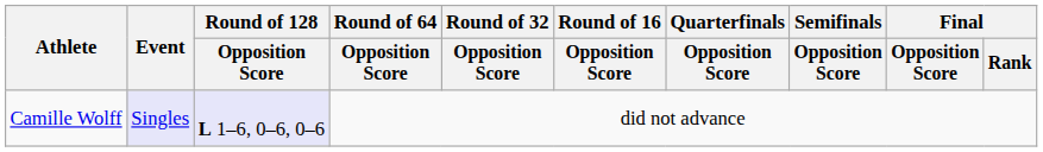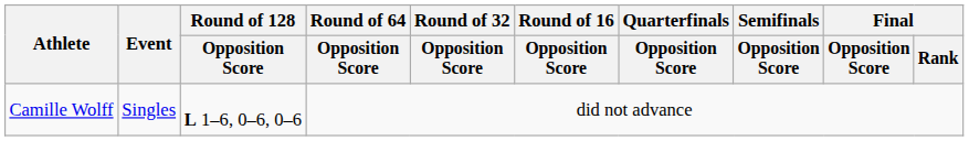 <table class=wikitable style="font-size:90%">
 <tr>
 <th rowspan=2>Athlete</th>
 <th rowspan=2>Event</th>
 <th>Round of 128</th>
 <th>Round of 64</th>
 <th>Round of 32</th>
 <th>Round of 16</th>
 <th>Quarterfinals</th>
 <th>Semifinals</th>
 <th colspan=2>Final</th>
 </tr>
 <tr style="font-size:95%">
 <th>Opposition<br>Score</th>
 <th>Opposition<br>Score</th>
 <th>Opposition<br>Score</th>
 <th>Opposition<br>Score</th>
 <th>Opposition<br>Score</th>
 <th>Opposition<br>Score</th>
 <th>Opposition<br>Score</th>
 <th>Rank</th>
 </tr>
 <tr align=center>
 <td align=left><a href='#'>Camille Wolff</a></td>
-<td align=left style="background: lavender;"><a href='#'>Singles</a></td>
-<td style="background: lavender;"><br> <strong>L</strong> 1–6, 0–6, 0–6</td>
+<td align=left><a href='#'>Singles</a></td>
+<td><br> <strong>L</strong> 1–6, 0–6, 0–6</td>
 <td colspan=7>did not advance</td>
 </tr>
 </table>
